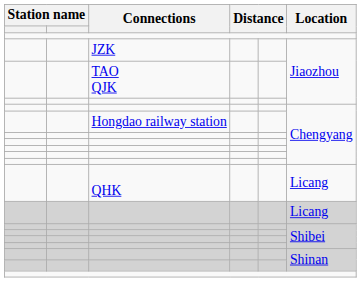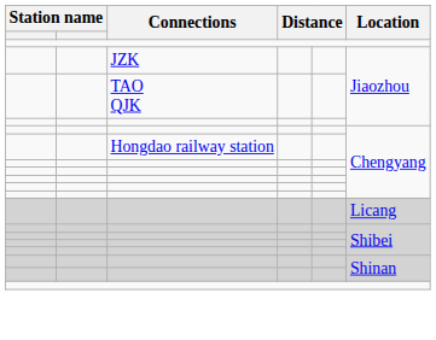 <table class="wikitable">
 <tr>
 <th colspan=2>Station name</th>
 <th rowspan=2>Connections</th>
 <th colspan="2" rowspan="2">Distance<br></th>
 <th rowspan=2>Location</th>
 </tr>
 <tr>
 <th></th>
 <th></th>
 </tr>
 <tr style="background:#">
 <td colspan = "6"></td>
 </tr>
 <tr>
 <td></td>
 <td></td>
 <td> <a href='#'>JZK</a></td>
 <td></td>
 <td></td>
 <td rowspan="3"><a href='#'>Jiaozhou</a></td>
 </tr>
 <tr>
 <td></td>
 <td></td>
 <td> <a href='#'>TAO</a><br> <a href='#'>QJK</a></td>
 <td></td>
 <td></td>
 </tr>
 <tr>
 <td></td>
 <td></td>
 <td></td>
 <td></td>
 <td></td>
 </tr>
 <tr>
 <td></td>
 <td></td>
 <td></td>
 <td></td>
 <td></td>
 <td rowspan="7"><a href='#'>Chengyang</a></td>
 </tr>
 <tr>
 <td></td>
 <td></td>
 <td> <a href='#'>Hongdao railway station</a></td>
 <td></td>
 <td></td>
 </tr>
 <tr>
 <td></td>
 <td></td>
 <td></td>
 <td></td>
 <td></td>
 </tr>
 <tr>
 <td></td>
 <td></td>
 <td></td>
 <td></td>
 <td></td>
 </tr>
 <tr>
 <td></td>
 <td></td>
 <td></td>
 <td></td>
 <td></td>
 </tr>
 <tr>
 <td></td>
 <td></td>
 <td></td>
 <td></td>
 <td></td>
 </tr>
 <tr>
 <td></td>
 <td></td>
 <td></td>
 <td></td>
 <td></td>
 </tr>
-<tr>
-<td></td>
-<td></td>
-<td> <br> <a href='#'>QHK</a></td>
-<td></td>
-<td></td>
-<td><a href='#'>Licang</a></td>
-</tr>
 <tr bgcolor="lightgrey">
 <td></td>
 <td></td>
 <td></td>
 <td></td>
 <td></td>
 <td><a href='#'>Licang</a></td>
 </tr>
 <tr bgcolor="lightgrey">
 <td></td>
 <td></td>
 <td></td>
 <td></td>
 <td></td>
 <td rowspan="4"><a href='#'>Shibei</a></td>
 </tr>
 <tr bgcolor="lightgrey">
 <td></td>
 <td></td>
 <td></td>
 <td></td>
 <td></td>
 </tr>
 <tr bgcolor="lightgrey">
 <td></td>
 <td></td>
 <td></td>
 <td></td>
 <td></td>
 </tr>
 <tr bgcolor="lightgrey">
 <td></td>
 <td></td>
 <td></td>
 <td></td>
 <td></td>
 </tr>
 <tr bgcolor="lightgrey">
 <td></td>
 <td></td>
 <td></td>
 <td></td>
 <td></td>
 <td rowspan="2"><a href='#'>Shinan</a></td>
 </tr>
 <tr bgcolor="lightgrey">
 <td></td>
 <td></td>
 <td> </td>
 <td></td>
 <td></td>
 </tr>
 <tr style="background:#">
 <td colspan = "6"></td>
 </tr>
 </table>
